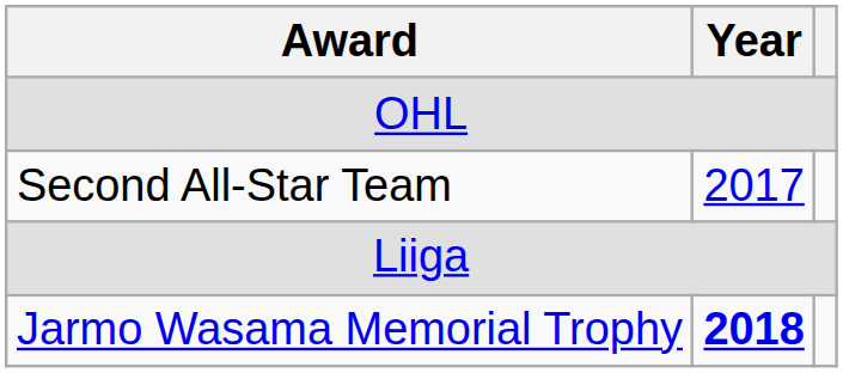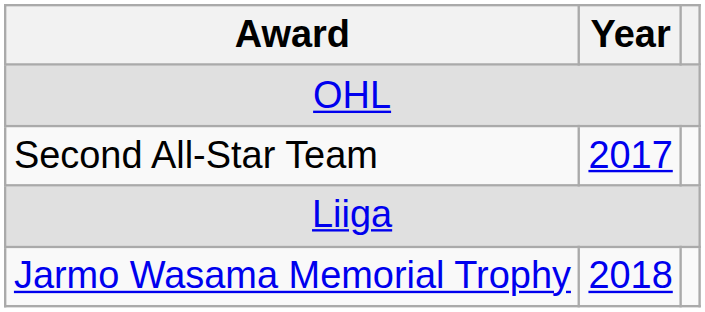 <table class="wikitable">
 <tr>
 <th>Award</th>
 <th>Year</th>
 <th></th>
 </tr>
 <tr ALIGN="center" bgcolor="#e0e0e0">
 <td colspan="3"><a href='#'>OHL</a></td>
 </tr>
 <tr>
 <td>Second All-Star Team</td>
 <td><a href='#'>2017</a></td>
 <td></td>
 </tr>
 <tr ALIGN="center" bgcolor="#e0e0e0">
 <td colspan="3"><a href='#'>Liiga</a></td>
 </tr>
 <tr>
 <td><a href='#'>Jarmo Wasama Memorial Trophy</a></td>
-<td><strong><a href='#'>2018</a></strong></td>
+<td><a href='#'>2018</a></td>
 <td></td>
 </tr>
 </table>
